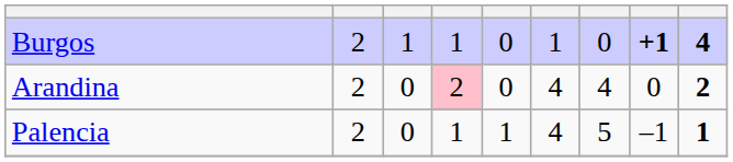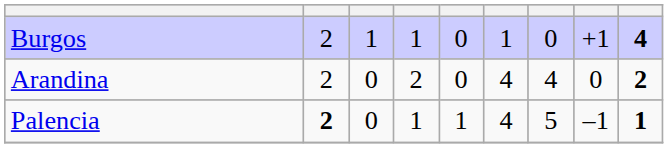 <table class="wikitable" style="text-align: center;">
 <tr>
 <th width="175"></th>
 <th width="20"></th>
 <th width="20"></th>
 <th width="20"></th>
 <th width="20"></th>
 <th width="20"></th>
 <th width="20"></th>
 <th width="20"></th>
 <th width="20"></th>
 </tr>
 <tr bgcolor=#ccccff>
 <td align=left><a href='#'>Burgos</a></td>
 <td>2</td>
 <td>1</td>
 <td>1</td>
 <td>0</td>
 <td>1</td>
 <td>0</td>
-<td><strong>+1</strong></td>
+<td>+1</td>
 <td><strong>4</strong></td>
 </tr>
 <tr>
 <td align=left><a href='#'>Arandina</a></td>
 <td>2</td>
 <td>0</td>
-<td style="background: pink;">2</td>
+<td>2</td>
 <td>0</td>
 <td>4</td>
 <td>4</td>
 <td>0</td>
 <td><strong>2</strong></td>
 </tr>
 <tr>
 <td align=left><a href='#'>Palencia</a></td>
-<td>2</td>
+<td><strong>2</strong></td>
 <td>0</td>
 <td>1</td>
 <td>1</td>
 <td>4</td>
 <td>5</td>
 <td>–1</td>
 <td><strong>1</strong></td>
 </tr>
 <tr>
 </tr>
 </table>
